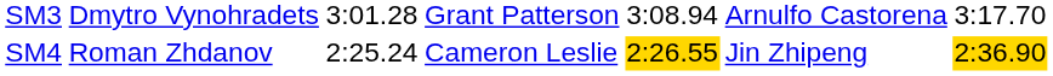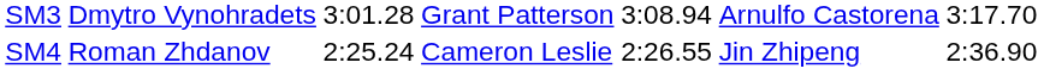 <table>
 <tr>
 <td><a href='#'>SM3</a></td>
 <td><a href='#'>Dmytro Vynohradets</a><br></td>
 <td>3:01.28</td>
 <td><a href='#'>Grant Patterson</a><br></td>
 <td>3:08.94</td>
 <td><a href='#'>Arnulfo Castorena</a><br></td>
 <td>3:17.70</td>
 </tr>
 <tr>
 <td><a href='#'>SM4</a></td>
 <td><a href='#'>Roman Zhdanov</a><br></td>
 <td>2:25.24</td>
 <td><a href='#'>Cameron Leslie</a><br></td>
-<td style="background: gold;">2:26.55</td>
+<td>2:26.55</td>
 <td><a href='#'>Jin Zhipeng</a><br></td>
-<td style="background: gold;">2:36.90</td>
+<td>2:36.90</td>
 </tr>
 </table>
